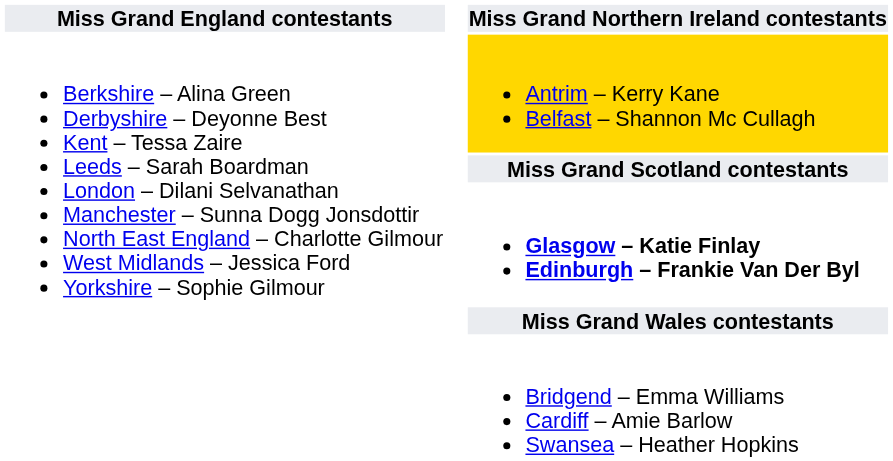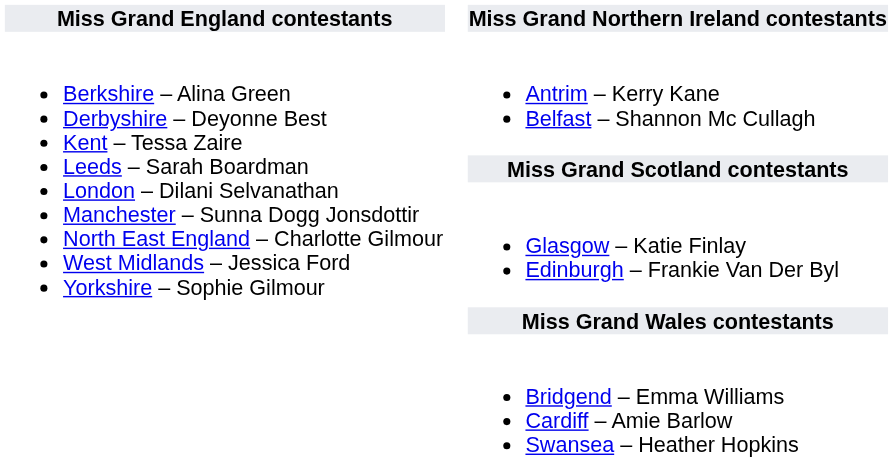 <table style="font-size: 95%;">
 <tr>
 <th bgcolor=#eaecf0><span>Miss Grand England contestants</span></th>
 <th rowspan=6 width=10px></th>
 <th bgcolor=#eaecf0><span>Miss Grand Northern Ireland contestants </span></th>
 </tr>
 <tr style="vertical-align: top;"|>
 <td rowspan=5><br><ul><li><a href='#'>Berkshire</a> – Alina Green</li><li><a href='#'>Derbyshire</a> – Deyonne Best</li><li><a href='#'>Kent</a> – Tessa Zaire</li><li><a href='#'>Leeds</a> – Sarah Boardman</li><li><a href='#'>London</a> – Dilani Selvanathan</li><li><a href='#'>Manchester</a> – Sunna Dogg Jonsdottir</li><li><a href='#'>North East England</a> – Charlotte Gilmour</li><li><a href='#'>West Midlands</a> – Jessica Ford</li><li><a href='#'>Yorkshire</a> – Sophie Gilmour</li></ul></td>
-<td style="background: gold;"><br><ul><li><a href='#'>Antrim</a> – Kerry Kane</li><li><a href='#'>Belfast</a> – Shannon Mc Cullagh</li></ul></td>
+<td><br><ul><li><a href='#'>Antrim</a> – Kerry Kane</li><li><a href='#'>Belfast</a> – Shannon Mc Cullagh</li></ul></td>
 </tr>
 <tr>
 <th bgcolor=#eaecf0><span>Miss Grand Scotland contestants</span></th>
 </tr>
 <tr>
-<td><strong><br><ul><li><a href='#'>Glasgow</a> – Katie Finlay</li><li><a href='#'>Edinburgh</a> – Frankie Van Der Byl</li></ul></strong></td>
+<td><br><ul><li><a href='#'>Glasgow</a> – Katie Finlay</li><li><a href='#'>Edinburgh</a> – Frankie Van Der Byl</li></ul></td>
 </tr>
 <tr>
 <th bgcolor=#eaecf0><span>Miss Grand Wales contestants</span></th>
 </tr>
 <tr>
 <td><br><ul><li><a href='#'>Bridgend</a> – Emma Williams</li><li><a href='#'>Cardiff</a> – Amie Barlow</li><li><a href='#'>Swansea</a> – Heather Hopkins</li></ul></td>
 </tr>
 </table>
